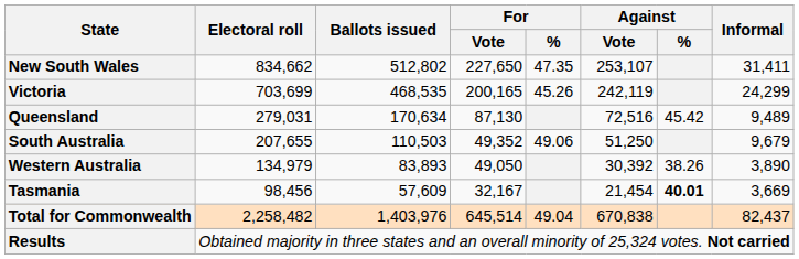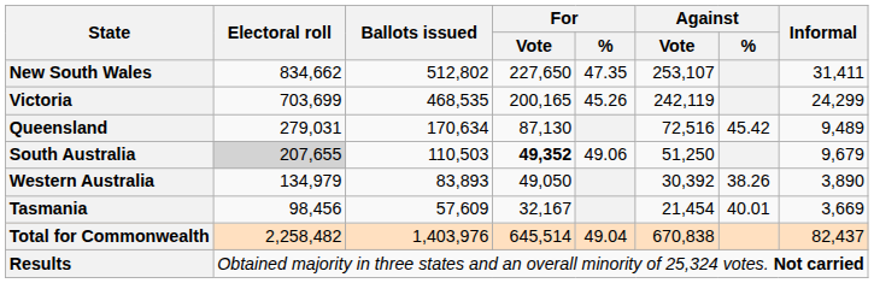 <table class="wikitable">
 <tr>
 <th rowspan="2">State</th>
 <th rowspan="2">Electoral roll</th>
 <th rowspan="2">Ballots issued</th>
 <th align=center colspan="2">For</th>
 <th align=center colspan="2">Against</th>
 <th align=center rowspan="2">Informal</th>
 </tr>
 <tr>
 <th align=center>Vote</th>
 <th align=center>%</th>
 <th align=center>Vote</th>
 <th align=center>%</th>
 </tr>
 <tr align="right">
 <th style="text-align:left;">New South Wales</th>
 <td>834,662</td>
 <td>512,802</td>
 <td align="right">227,650</td>
 <td align="middle">47.35</td>
 <td align="right">253,107</td>
 <th></th>
 <td align="right">31,411</td>
 </tr>
 <tr align="right">
 <th style="text-align:left;">Victoria</th>
 <td align="right">703,699</td>
 <td align="right">468,535</td>
 <td align="right">200,165</td>
 <td align="middle">45.26</td>
 <td align="right">242,119</td>
 <th></th>
 <td align="right">24,299</td>
 </tr>
 <tr align="right">
 <th style="text-align:left;">Queensland</th>
 <td align="right">279,031</td>
 <td align="right">170,634</td>
 <td align="right">87,130</td>
 <th></th>
 <td align="right">72,516</td>
 <td align="middle">45.42</td>
 <td align="right">9,489</td>
 </tr>
 <tr align="right">
 <th style="text-align:left;">South Australia</th>
-<td align="right">207,655</td>
+<td align="right" style="background: lightgrey;">207,655</td>
 <td align="right">110,503</td>
-<td align="right">49,352</td>
+<td align="right"><strong>49,352</strong></td>
 <td align="middle">49.06</td>
 <td align="right">51,250</td>
 <th></th>
 <td align="right">9,679</td>
 </tr>
 <tr align="right">
 <th style="text-align:left;">Western Australia</th>
 <td align="right">134,979</td>
 <td align="right">83,893</td>
 <td align="right">49,050</td>
 <th></th>
 <td align="right">30,392</td>
 <td align="middle">38.26</td>
 <td align="right">3,890</td>
 </tr>
 <tr align="right">
 <th style="text-align:left;">Tasmania</th>
 <td align="right">98,456</td>
 <td align="right">57,609</td>
 <td align="right">32,167</td>
 <th></th>
 <td align="right">21,454</td>
-<td align="middle"><strong>40.01</strong></td>
+<td align="middle">40.01</td>
 <td align="right">3,669</td>
 </tr>
 <tr bgcolor=#FFE0C0 align="right">
 <th style="text-align:left;">Total for Commonwealth</th>
 <td>2,258,482</td>
 <td>1,403,976</td>
 <td>645,514</td>
 <td noWrap align="middle">49.04</td>
 <td>670,838</td>
 <td></td>
 <td>82,437</td>
 </tr>
 <tr>
 <th style="text-align:left;">Results</th>
 <td colSpan="8"><em>Obtained majority in three states and an overall minority of 25,324 votes.</em> <strong>Not carried</strong></td>
 </tr>
 </table>
